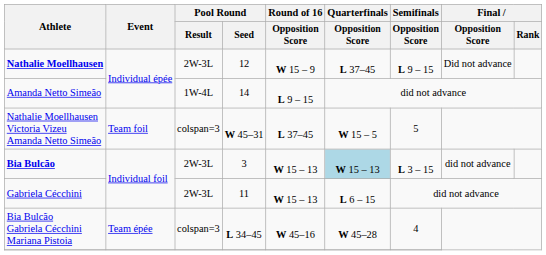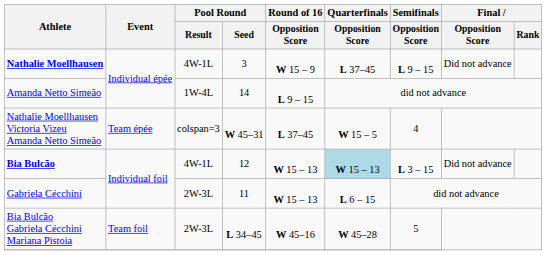 <table class=wikitable style="font-size:90%">
 <tr>
 <th rowspan="2">Athlete</th>
 <th rowspan="2">Event</th>
 <th colspan=2>Pool Round</th>
 <th>Round of 16</th>
 <th>Quarterfinals</th>
 <th>Semifinals</th>
 <th colspan=2>Final / </th>
 </tr>
 <tr style="font-size:95%">
 <th>Result</th>
 <th>Seed</th>
 <th>Opposition<br>Score</th>
 <th>Opposition<br>Score</th>
 <th>Opposition<br>Score</th>
 <th>Opposition<br>Score</th>
 <th>Rank</th>
 </tr>
 <tr align=center>
 <td align=left><strong><a href='#'>Nathalie Moellhausen</a></strong></td>
 <td align=left rowspan=2><a href='#'>Individual épée</a></td>
-<td>2W-3L</td>
-<td>12</td>
+<td>4W-1L</td>
+<td>3</td>
 <td><br><strong>W</strong> 15 – 9</td>
 <td><br><strong>L</strong> 37–45</td>
 <td><br><strong>L</strong> 9 – 15</td>
 <td>Did not advance</td>
 <td></td>
 </tr>
 <tr align=center>
 <td align=left><a href='#'>Amanda Netto Simeão</a></td>
 <td>1W-4L</td>
 <td>14</td>
 <td><br><strong>L</strong> 9 – 15</td>
 <td align=center colspan=4>did not advance</td>
 </tr>
 <tr align=center>
 <td align=left><a href='#'>Nathalie Moellhausen</a><br><a href='#'>Victoria Vizeu</a><br><a href='#'>Amanda Netto Simeão</a></td>
-<td align=left><a href='#'>Team foil</a></td>
+<td align=left><a href='#'>Team épée</a></td>
 <td>colspan=3 </td>
 <td><br><strong>W</strong> 45–31</td>
 <td><br><strong>L</strong> 37–45</td>
 <td><br><strong>W</strong> 15 – 5</td>
-<td>5</td>
+<td>4</td>
 </tr>
 <tr align=center>
 <td align=left><strong><a href='#'>Bia Bulcão</a></strong></td>
 <td align=left rowspan=2><a href='#'>Individual foil</a></td>
-<td>2W-3L</td>
-<td>3</td>
+<td>4W-1L</td>
+<td>12</td>
 <td><br><strong>W</strong> 15 – 13</td>
 <td style="background: lightblue;"><br><strong>W</strong> 15 – 13</td>
 <td><br><strong>L</strong> 3 – 15</td>
-<td align=center colspan=1>did not advance</td>
+<td>Did not advance</td>
 <td></td>
 </tr>
 <tr align=center>
 <td align=left><a href='#'>Gabriela Cécchini</a></td>
 <td>2W-3L</td>
 <td>11</td>
 <td><br><strong>W</strong> 15 – 13</td>
 <td><br><strong>L</strong> 6 – 15</td>
 <td align=center colspan=3>did not advance</td>
 </tr>
 <tr align=center>
 <td align=left><a href='#'>Bia Bulcão</a><br><a href='#'>Gabriela Cécchini</a><br><a href='#'>Mariana Pistoia</a></td>
-<td align=left><a href='#'>Team épée</a></td>
-<td>colspan=3 </td>
+<td align=left><a href='#'>Team foil</a></td>
+<td>2W-3L</td>
 <td><br><strong>L</strong> 34–45</td>
 <td><br><strong>W</strong> 45–16</td>
 <td><br><strong>W</strong> 45–28</td>
-<td>4</td>
+<td>5</td>
 </tr>
 <tr>
 </tr>
 </table>
